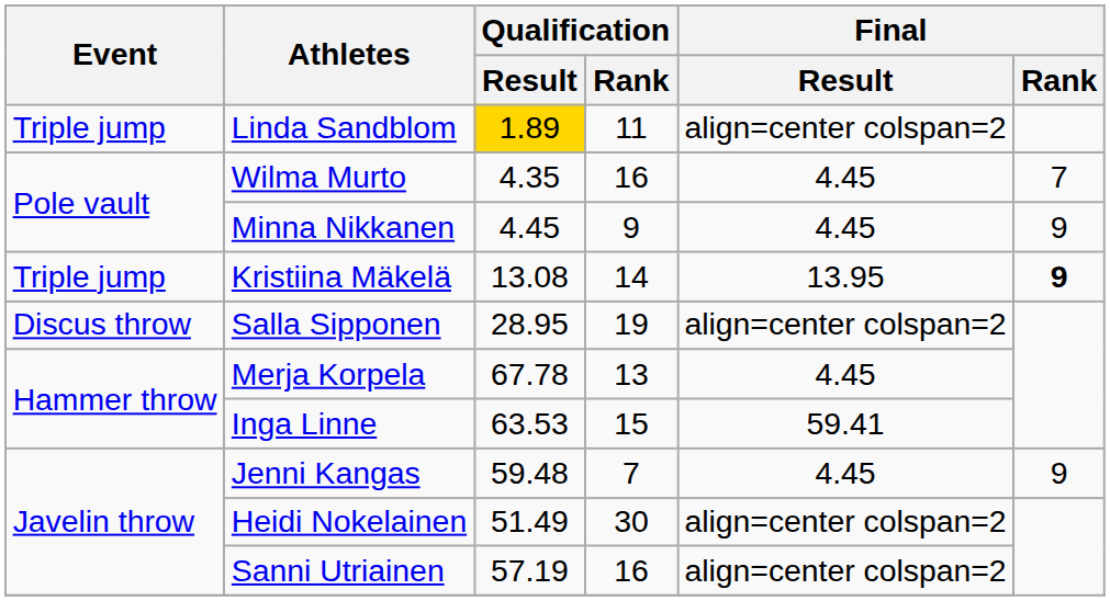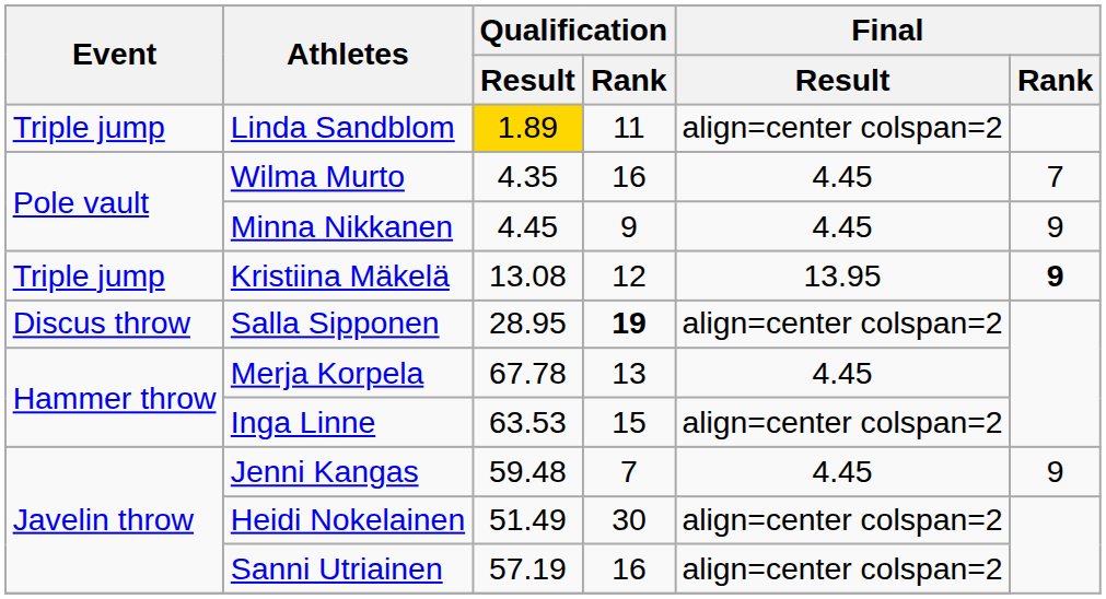 <table class="wikitable" border="1" style="font-size:90%">
 <tr>
 <th rowspan=2>Event</th>
 <th rowspan=2>Athletes</th>
 <th colspan=2>Qualification</th>
 <th colspan=2>Final</th>
 </tr>
 <tr>
 <th>Result</th>
 <th>Rank</th>
 <th>Result</th>
 <th>Rank</th>
 </tr>
 <tr>
 <td><a href='#'>Triple jump</a></td>
 <td><a href='#'>Linda Sandblom</a></td>
 <td align=center style="background: gold;">1.89</td>
 <td align=center>11</td>
 <td>align=center colspan=2 </td>
 </tr>
 <tr>
 <td rowspan=2><a href='#'>Pole vault</a></td>
 <td><a href='#'>Wilma Murto</a></td>
 <td align=center>4.35</td>
 <td align=center>16 </td>
 <td align=center>4.45</td>
 <td align=center>7</td>
 </tr>
 <tr>
 <td><a href='#'>Minna Nikkanen</a></td>
 <td align=center>4.45</td>
 <td align=center>9 </td>
 <td align=center>4.45</td>
 <td align=center>9</td>
 </tr>
 <tr>
 <td><a href='#'>Triple jump</a></td>
 <td><a href='#'>Kristiina Mäkelä</a></td>
 <td align=center>13.08</td>
-<td align=center>14 </td>
+<td align=center>12 </td>
 <td align=center>13.95 </td>
 <td align=center><strong>9</strong></td>
 </tr>
 <tr>
 <td><a href='#'>Discus throw</a></td>
 <td><a href='#'>Salla Sipponen</a></td>
 <td align=center>28.95</td>
-<td align=center>19</td>
+<td align=center><strong>19</strong></td>
 <td>align=center colspan=2 </td>
 </tr>
 <tr>
 <td rowspan=2><a href='#'>Hammer throw</a></td>
 <td><a href='#'>Merja Korpela</a></td>
 <td align=center>67.78</td>
 <td align=center>13</td>
 <td align=center>4.45</td>
 </tr>
 <tr>
 <td><a href='#'>Inga Linne</a></td>
 <td align=center>63.53</td>
 <td align=center>15</td>
-<td align=center>59.41</td>
+<td>align=center colspan=2 </td>
 </tr>
 <tr>
 <td rowspan=3><a href='#'>Javelin throw</a></td>
 <td><a href='#'>Jenni Kangas</a></td>
 <td align=center>59.48 </td>
 <td align=center>7 </td>
 <td align=center>4.45</td>
 <td align=center>9</td>
 </tr>
 <tr>
 <td><a href='#'>Heidi Nokelainen</a></td>
 <td align=center>51.49</td>
 <td align=center>30</td>
 <td>align=center colspan=2 </td>
 </tr>
 <tr>
 <td><a href='#'>Sanni Utriainen</a></td>
 <td align=center>57.19</td>
 <td align=center>16</td>
 <td>align=center colspan=2 </td>
 </tr>
 <tr>
 </tr>
 </table>
